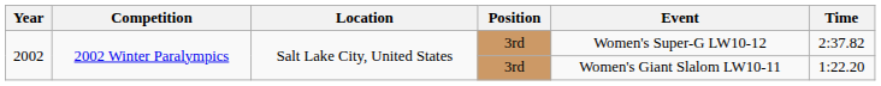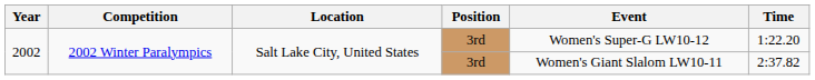 <table class="wikitable" width=65% style="font-size:90%; text-align:center;">
 <tr>
 <th>Year</th>
 <th>Competition</th>
 <th>Location</th>
 <th>Position</th>
 <th>Event</th>
 <th>Time</th>
 </tr>
 <tr>
 <td rowspan=2>2002</td>
 <td rowspan=2><a href='#'>2002 Winter Paralympics</a></td>
 <td rowspan=2>Salt Lake City, United States</td>
 <td bgcolor=cc9966>3rd</td>
 <td>Women's Super-G LW10-12</td>
-<td>2:37.82</td>
+<td>1:22.20</td>
 </tr>
 <tr>
 <td bgcolor=cc9966>3rd</td>
 <td>Women's Giant Slalom LW10-11</td>
-<td>1:22.20</td>
+<td>2:37.82</td>
 </tr>
 </table>
